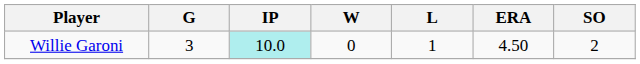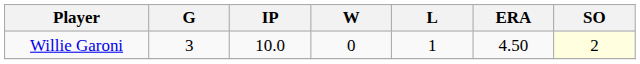 <table class="wikitable sortable">
 <tr>
 <th bgcolor="#DDDDFF" width="16%">Player</th>
 <th bgcolor="#DDDDFF" width="9%">G</th>
 <th bgcolor="#DDDDFF" width="9%">IP</th>
 <th bgcolor="#DDDDFF" width="9%">W</th>
 <th bgcolor="#DDDDFF" width="9%">L</th>
 <th bgcolor="#DDDDFF" width="9%">ERA</th>
 <th bgcolor="#DDDDFF" width="9%">SO</th>
 </tr>
 <tr align="center">
 <td><a href='#'>Willie Garoni</a></td>
 <td>3</td>
-<td style="background: paleturquoise;">10.0</td>
+<td>10.0</td>
 <td>0</td>
 <td>1</td>
 <td>4.50</td>
-<td>2</td>
+<td style="background: lightyellow;">2</td>
 </tr>
 <tr align="center">
 </tr>
 </table>
